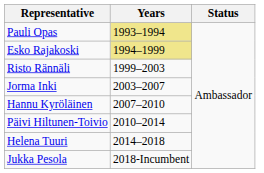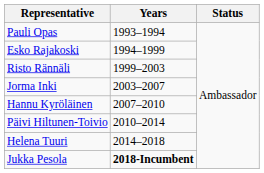 <table class="wikitable sortable">
 <tr>
 <th>Representative</th>
 <th>Years</th>
 <th>Status</th>
 </tr>
 <tr>
 <td><a href='#'>Pauli Opas</a></td>
-<td style="background: khaki;">1993–1994</td>
+<td>1993–1994</td>
 <td rowspan="8">Ambassador</td>
 </tr>
 <tr>
 <td><a href='#'>Esko Rajakoski</a></td>
-<td style="background: khaki;">1994–1999</td>
+<td>1994–1999</td>
 </tr>
 <tr>
 <td><a href='#'>Risto Rännäli</a></td>
 <td>1999–2003</td>
 </tr>
 <tr>
 <td><a href='#'>Jorma Inki</a></td>
 <td>2003–2007</td>
 </tr>
 <tr>
 <td><a href='#'>Hannu Kyröläinen</a></td>
 <td>2007–2010</td>
 </tr>
 <tr>
 <td><a href='#'>Päivi Hiltunen-Toivio</a></td>
 <td>2010–2014</td>
 </tr>
 <tr>
 <td><a href='#'>Helena Tuuri</a></td>
 <td>2014–2018</td>
 </tr>
 <tr>
 <td><a href='#'>Jukka Pesola</a></td>
-<td>2018-Incumbent</td>
+<td><strong>2018-Incumbent</strong></td>
 </tr>
 </table>
